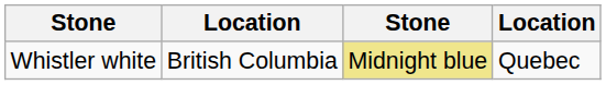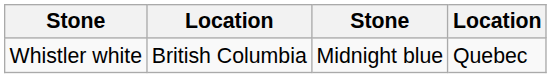 <table class="wikitable">
 <tr>
 <th>Stone</th>
 <th>Location</th>
 <th>Stone</th>
 <th>Location</th>
 </tr>
 <tr>
 <td>Whistler white</td>
 <td>British Columbia</td>
-<td style="background: khaki;">Midnight blue</td>
+<td>Midnight blue</td>
 <td>Quebec</td>
 </tr>
 </table>
